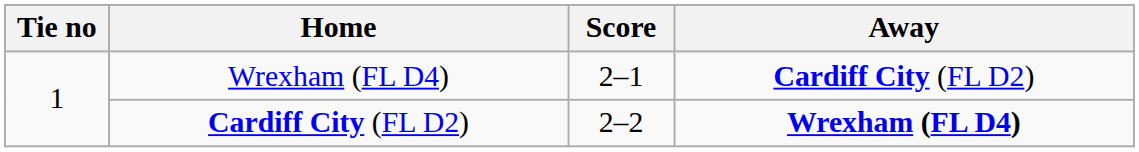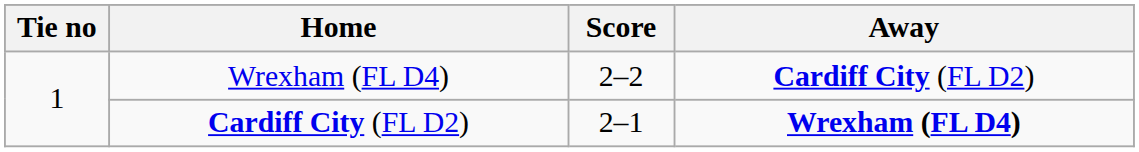 <table class="wikitable" style="text-align:center">
 <tr>
 <th width=50>Tie no</th>
 <th width=250>Home</th>
 <th width=50>Score</th>
 <th width=250>Away</th>
 </tr>
 <tr>
 <td rowspan=2>1</td>
 <td><a href='#'>Wrexham</a> (<a href='#'>FL D4</a>)</td>
-<td>2–1</td>
+<td>2–2</td>
 <td><strong><a href='#'>Cardiff City</a></strong> (<a href='#'>FL D2</a>)</td>
 </tr>
 <tr>
 <td><strong><a href='#'>Cardiff City</a></strong> (<a href='#'>FL D2</a>)</td>
-<td>2–2</td>
+<td>2–1</td>
 <td><strong><a href='#'>Wrexham</a> (<a href='#'>FL D4</a>)</strong></td>
 </tr>
 </table>
